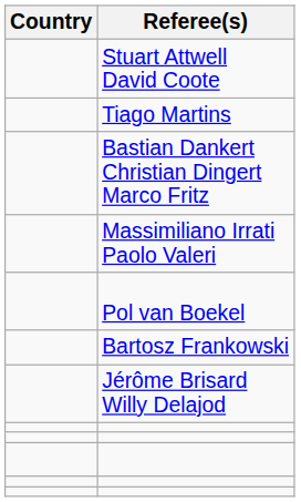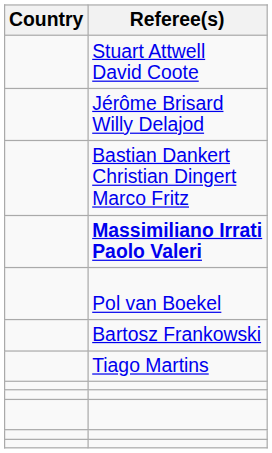 <table class="wikitable" style="display:inline-table;">
 <tr>
 <th>Country</th>
 <th>Referee(s)</th>
 </tr>
 <tr>
 <td></td>
 <td><a href='#'>Stuart Attwell</a><br><a href='#'>David Coote</a></td>
 </tr>
 <tr>
 <td></td>
-<td><a href='#'>Tiago Martins</a></td>
+<td><a href='#'>Jérôme Brisard</a><br><a href='#'>Willy Delajod</a></td>
 </tr>
 <tr>
 <td></td>
 <td><a href='#'>Bastian Dankert</a><br><a href='#'>Christian Dingert</a><br><a href='#'>Marco Fritz</a></td>
 </tr>
 <tr>
 <td></td>
-<td><a href='#'>Massimiliano Irrati</a><br><a href='#'>Paolo Valeri</a></td>
+<td><strong><a href='#'>Massimiliano Irrati</a><br><a href='#'>Paolo Valeri</a></strong></td>
 </tr>
 <tr>
 <td></td>
 <td><br><a href='#'>Pol van Boekel</a></td>
 </tr>
 <tr>
 <td></td>
 <td><a href='#'>Bartosz Frankowski</a><br></td>
 </tr>
 <tr>
 <td></td>
-<td><a href='#'>Jérôme Brisard</a><br><a href='#'>Willy Delajod</a></td>
+<td><a href='#'>Tiago Martins</a></td>
 </tr>
 <tr>
 <td></td>
 <td></td>
 </tr>
 <tr>
 <td></td>
 <td></td>
 </tr>
 <tr>
 <td></td>
 <td><br></td>
 </tr>
 <tr>
 <td></td>
 <td></td>
 </tr>
 <tr>
 <td></td>
 <td></td>
 </tr>
 </table>
